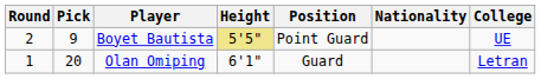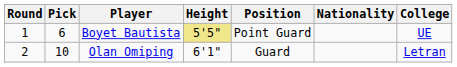 <table class="wikitable sortable sortable">
 <tr>
 <th>Round</th>
 <th>Pick</th>
 <th>Player</th>
 <th>Height</th>
 <th>Position</th>
 <th>Nationality</th>
 <th>College</th>
 </tr>
 <tr style="text-align: center">
-<td>2</td>
-<td>9</td>
+<td>1</td>
+<td>6</td>
 <td><a href='#'>Boyet Bautista</a></td>
 <td style="background: khaki;">5'5"</td>
 <td>Point Guard</td>
 <td></td>
 <td><a href='#'>UE</a></td>
 </tr>
 <tr style="text-align: center">
-<td>1</td>
-<td>20</td>
+<td>2</td>
+<td>10</td>
 <td><a href='#'>Olan Omiping</a></td>
 <td>6'1"</td>
 <td>Guard</td>
 <td></td>
 <td><a href='#'>Letran</a></td>
 </tr>
 </table>
